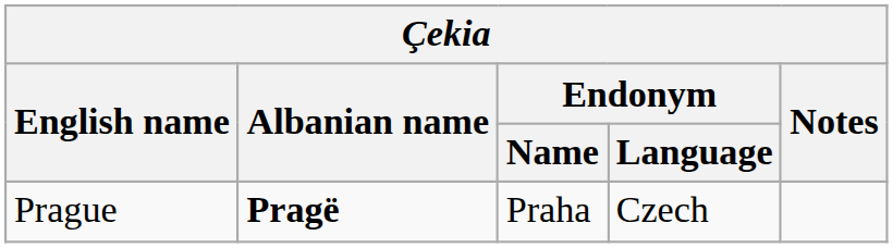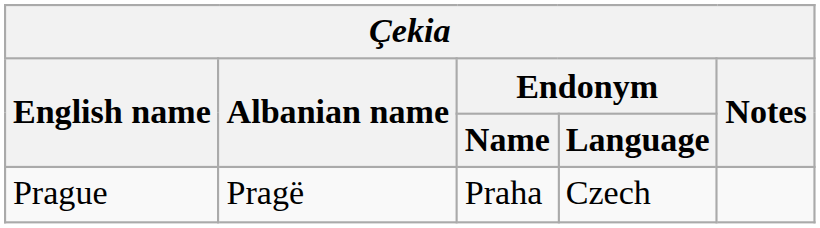 <table class="wikitable sortable">
 <tr>
 <th colspan="5"> <em>Çekia</em></th>
 </tr>
 <tr>
 <th rowspan="2">English name</th>
 <th rowspan="2">Albanian name</th>
 <th colspan="2">Endonym</th>
 <th rowspan="2">Notes</th>
 </tr>
 <tr>
 <th>Name</th>
 <th>Language</th>
 </tr>
 <tr>
 <td>Prague</td>
-<td><strong>Pragë</strong></td>
+<td>Pragë</td>
 <td>Praha</td>
 <td>Czech</td>
 <td></td>
 </tr>
 </table>
